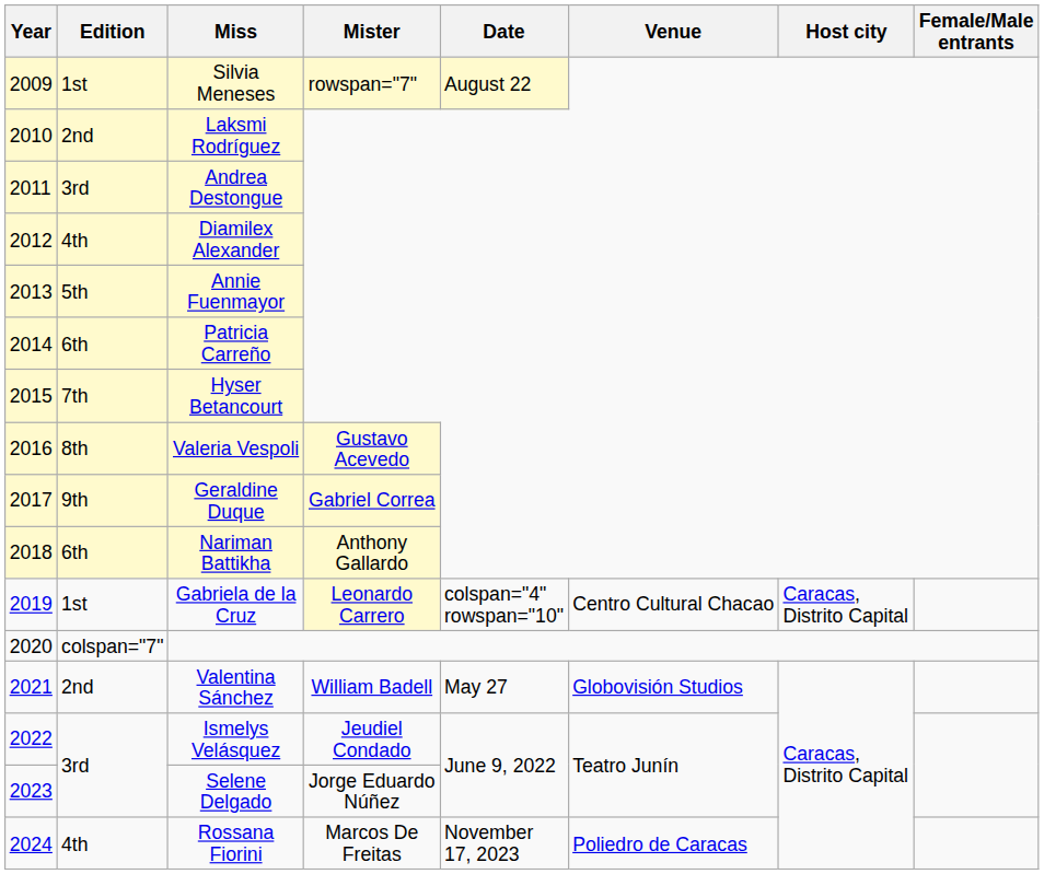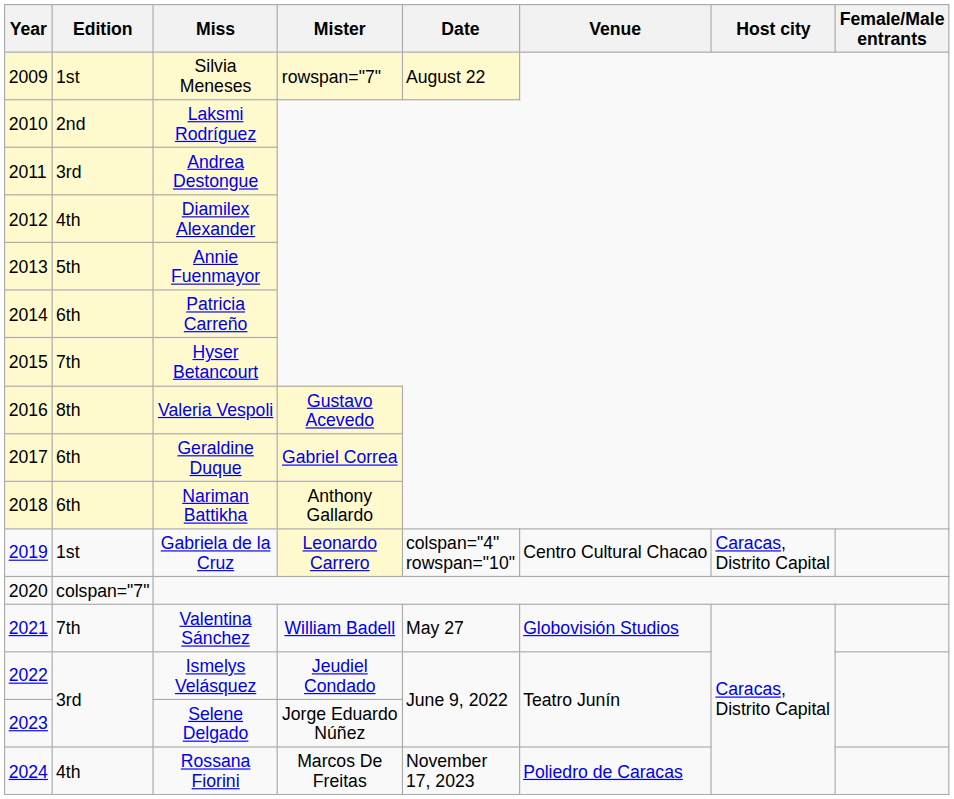 <table class="wikitable sortable" style="font-size: 95%;">
 <tr>
 <th>Year</th>
 <th>Edition</th>
 <th width="100">Miss</th>
 <th width="100">Mister</th>
 <th width="80">Date</th>
 <th>Venue</th>
 <th width="100">Host city</th>
 <th width="80">Female/Male entrants</th>
 </tr>
 <tr bgcolor="FFFACD">
 <td>2009</td>
 <td>1st</td>
 <td align="center">Silvia Meneses<br></td>
 <td>rowspan="7" </td>
 <td>August 22</td>
 </tr>
 <tr bgcolor="FFFACD">
 <td>2010</td>
 <td>2nd</td>
 <td align="center"><a href='#'>Laksmi Rodríguez</a><br></td>
 </tr>
 <tr bgcolor="FFFACD">
 <td>2011</td>
 <td>3rd</td>
 <td align="center"><a href='#'>Andrea Destongue</a><br></td>
 </tr>
 <tr bgcolor="FFFACD">
 <td>2012</td>
 <td>4th</td>
 <td align="center"><a href='#'>Diamilex Alexander</a><br></td>
 </tr>
 <tr bgcolor="FFFACD">
 <td>2013</td>
 <td>5th</td>
 <td align="center"><a href='#'>Annie Fuenmayor</a><br></td>
 </tr>
 <tr bgcolor="FFFACD">
 <td>2014</td>
 <td>6th</td>
 <td align="center"><a href='#'>Patricia Carreño</a><br></td>
 </tr>
 <tr bgcolor="FFFACD">
 <td>2015</td>
 <td>7th</td>
 <td align="center"><a href='#'>Hyser Betancourt</a><br></td>
 </tr>
 <tr bgcolor="FFFACD">
 <td>2016</td>
 <td>8th</td>
 <td align="center"><a href='#'>Valeria Vespoli</a><br></td>
 <td align="center"><a href='#'>Gustavo Acevedo</a><br></td>
 </tr>
 <tr bgcolor="FFFACD">
 <td>2017</td>
-<td>9th</td>
+<td>6th</td>
 <td align="center"><a href='#'>Geraldine Duque</a><br></td>
 <td align="center"><a href='#'>Gabriel Correa</a><br></td>
 </tr>
 <tr bgcolor="FFFACD">
 <td>2018</td>
 <td>6th</td>
 <td align="center"><a href='#'>Nariman Battikha</a><br></td>
 <td align="center">Anthony Gallardo<br></td>
 </tr>
 <tr>
 <td><a href='#'>2019</a></td>
 <td>1st</td>
 <td align="center"><a href='#'>Gabriela de la Cruz</a><br></td>
 <td bgcolor="FFFACD" align="center"><a href='#'>Leonardo Carrero</a><br></td>
 <td>colspan="4" rowspan="10" </td>
 <td>Centro Cultural Chacao</td>
 <td><a href='#'>Caracas</a>, Distrito Capital</td>
 <td></td>
 </tr>
 <tr>
 <td>2020</td>
 <td>colspan="7" </td>
 </tr>
 <tr>
 <td><a href='#'>2021</a></td>
-<td>2nd</td>
+<td>7th</td>
 <td align="center"><a href='#'>Valentina Sánchez</a><br></td>
 <td align="center"><a href='#'>William Badell</a><br></td>
 <td>May 27</td>
 <td><a href='#'>Globovisión Studios</a></td>
 <td rowspan="4"><a href='#'>Caracas</a>, Distrito Capital</td>
 <td></td>
 </tr>
 <tr>
 <td><a href='#'>2022</a></td>
 <td rowspan="2">3rd</td>
 <td align="center"><a href='#'>Ismelys Velásquez</a><br></td>
 <td align="center"><a href='#'>Jeudiel Condado</a><br></td>
 <td rowspan="2">June 9, 2022</td>
 <td rowspan="2">Teatro Junín</td>
 <td rowspan="2"></td>
 </tr>
 <tr>
 <td><a href='#'>2023</a></td>
 <td align="center"><a href='#'>Selene Delgado</a><br></td>
 <td align="center">Jorge Eduardo Núñez<br></td>
 </tr>
 <tr>
 <td><a href='#'>2024</a></td>
 <td>4th</td>
 <td align="center"><a href='#'>Rossana Fiorini</a><br></td>
 <td align="center">Marcos De Freitas<br></td>
 <td>November 17, 2023</td>
 <td><a href='#'>Poliedro de Caracas</a></td>
 <td></td>
 </tr>
 </table>
